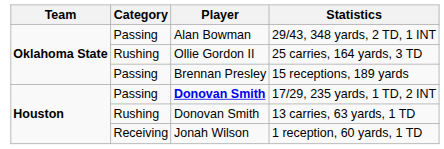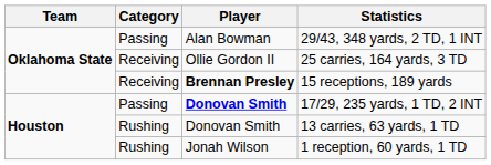 <table class="wikitable" style="float: right;">
 <tr>
 <th>Team</th>
 <th>Category</th>
 <th>Player</th>
 <th>Statistics</th>
 </tr>
 <tr>
 <td rowspan=3><strong>Oklahoma State</strong></td>
 <td>Passing</td>
 <td>Alan Bowman</td>
 <td>29/43, 348 yards, 2 TD, 1 INT</td>
 </tr>
 <tr>
-<td>Rushing</td>
+<td>Receiving</td>
 <td>Ollie Gordon II</td>
 <td>25 carries, 164 yards, 3 TD</td>
 </tr>
 <tr>
-<td>Passing</td>
-<td>Brennan Presley</td>
+<td>Receiving</td>
+<td><strong>Brennan Presley</strong></td>
 <td>15 receptions, 189 yards</td>
 </tr>
 <tr>
 <td rowspan=3><strong>Houston</strong></td>
 <td>Passing</td>
 <td><strong><a href='#'>Donovan Smith</a></strong></td>
 <td>17/29, 235 yards, 1 TD, 2 INT</td>
 </tr>
 <tr>
 <td>Rushing</td>
 <td>Donovan Smith</td>
 <td>13 carries, 63 yards, 1 TD</td>
 </tr>
 <tr>
-<td>Receiving</td>
+<td>Rushing</td>
 <td>Jonah Wilson</td>
 <td>1 reception, 60 yards, 1 TD</td>
 </tr>
 </table>
